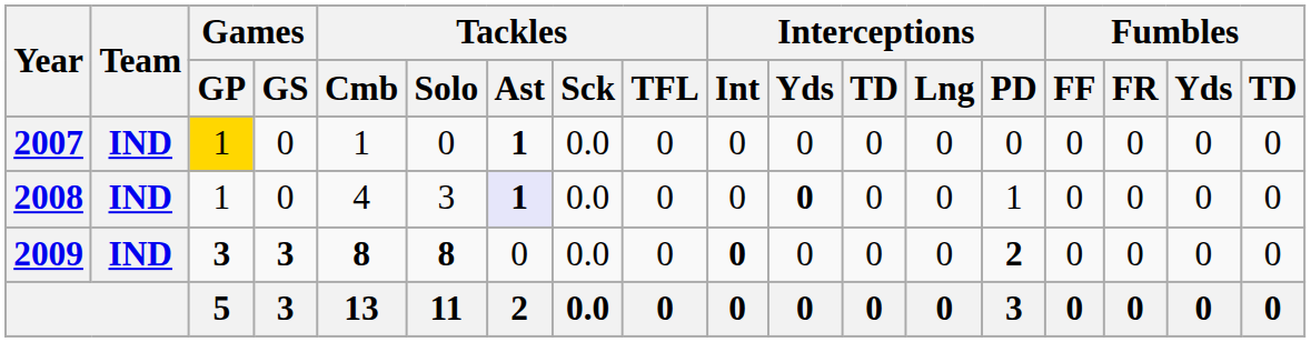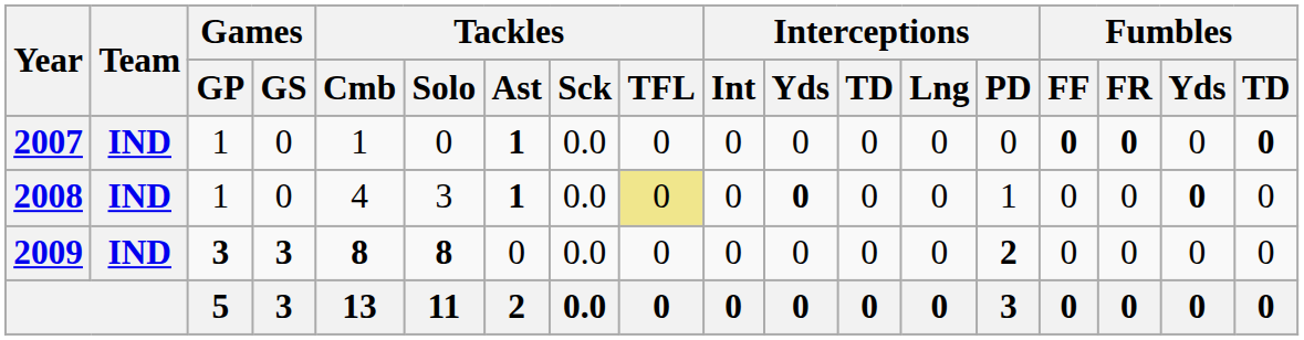 <table class="wikitable" style="text-align:center">
 <tr>
 <th rowspan="2">Year</th>
 <th rowspan="2">Team</th>
 <th colspan="2">Games</th>
 <th colspan="5">Tackles</th>
 <th colspan="5">Interceptions</th>
 <th colspan="4">Fumbles</th>
 </tr>
 <tr>
 <th>GP</th>
 <th>GS</th>
 <th>Cmb</th>
 <th>Solo</th>
 <th>Ast</th>
 <th>Sck</th>
 <th>TFL</th>
 <th>Int</th>
 <th>Yds</th>
 <th>TD</th>
 <th>Lng</th>
 <th>PD</th>
 <th>FF</th>
 <th>FR</th>
 <th>Yds</th>
 <th>TD</th>
 </tr>
 <tr>
 <th><a href='#'>2007</a></th>
 <th><a href='#'>IND</a></th>
-<td style="background: gold;">1</td>
+<td>1</td>
 <td>0</td>
 <td>1</td>
 <td>0</td>
 <td><strong>1</strong></td>
 <td>0.0</td>
 <td>0</td>
 <td>0</td>
 <td>0</td>
 <td>0</td>
 <td>0</td>
 <td>0</td>
+<td><strong>0</strong></td>
+<td><strong>0</strong></td>
 <td>0</td>
-<td>0</td>
-<td>0</td>
-<td>0</td>
+<td><strong>0</strong></td>
 </tr>
 <tr>
 <th><a href='#'>2008</a></th>
 <th><a href='#'>IND</a></th>
 <td>1</td>
 <td>0</td>
 <td>4</td>
 <td>3</td>
-<td style="background: lavender;"><strong>1</strong></td>
+<td><strong>1</strong></td>
 <td>0.0</td>
-<td>0</td>
+<td style="background: khaki;">0</td>
 <td>0</td>
 <td><strong>0</strong></td>
 <td>0</td>
 <td>0</td>
 <td>1</td>
 <td>0</td>
 <td>0</td>
-<td>0</td>
+<td><strong>0</strong></td>
 <td>0</td>
 </tr>
 <tr>
 <th><a href='#'>2009</a></th>
 <th><a href='#'>IND</a></th>
 <td><strong>3</strong></td>
 <td><strong>3</strong></td>
 <td><strong>8</strong></td>
 <td><strong>8</strong></td>
 <td>0</td>
 <td>0.0</td>
 <td>0</td>
-<td><strong>0</strong></td>
+<td>0</td>
 <td>0</td>
 <td>0</td>
 <td>0</td>
 <td><strong>2</strong></td>
 <td>0</td>
 <td>0</td>
 <td>0</td>
 <td>0</td>
 </tr>
 <tr>
 <th colspan="2"></th>
 <th>5</th>
 <th>3</th>
 <th>13</th>
 <th>11</th>
 <th>2</th>
 <th>0.0</th>
 <th>0</th>
 <th>0</th>
 <th>0</th>
 <th>0</th>
 <th>0</th>
 <th>3</th>
 <th>0</th>
 <th>0</th>
 <th>0</th>
 <th>0</th>
 </tr>
 </table>
